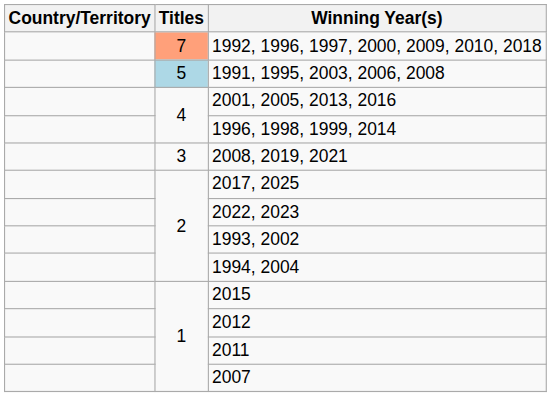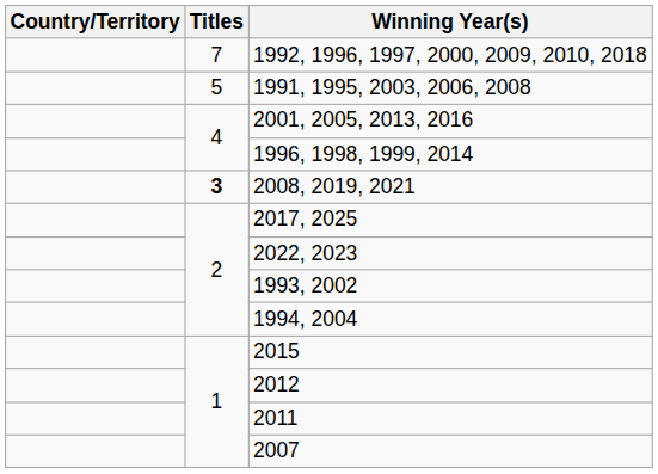 <table class="wikitable">
 <tr>
 <th>Country/Territory</th>
 <th>Titles</th>
 <th>Winning Year(s)</th>
 </tr>
 <tr>
 <td></td>
-<td style="background: lightsalmon; text-align:center;">7</td>
+<td style="text-align:center;">7</td>
 <td>1992, 1996, 1997, 2000, 2009, 2010, 2018</td>
 </tr>
 <tr>
 <td></td>
-<td style="background: lightblue; text-align:center;">5</td>
+<td style="text-align:center;">5</td>
 <td>1991, 1995, 2003, 2006, 2008</td>
 </tr>
 <tr>
 <td></td>
 <td rowspan="2" style="text-align:center;">4</td>
 <td>2001, 2005, 2013, 2016</td>
 </tr>
 <tr>
 <td></td>
 <td>1996, 1998, 1999, 2014</td>
 </tr>
 <tr>
 <td></td>
-<td style="text-align:center;">3</td>
+<td style="text-align:center;"><strong>3</strong></td>
 <td>2008, 2019, 2021</td>
 </tr>
 <tr>
 <td></td>
 <td rowspan="4" style="text-align:center;">2</td>
 <td>2017, 2025</td>
 </tr>
 <tr>
 <td></td>
 <td>2022, 2023</td>
 </tr>
 <tr>
 <td></td>
 <td>1993, 2002</td>
 </tr>
 <tr>
 <td></td>
 <td>1994, 2004</td>
 </tr>
 <tr>
 <td></td>
 <td rowspan="4" style="text-align:center;">1</td>
 <td>2015</td>
 </tr>
 <tr>
 <td></td>
 <td>2012</td>
 </tr>
 <tr>
 <td></td>
 <td>2011</td>
 </tr>
 <tr>
 <td></td>
 <td>2007</td>
 </tr>
 <tr>
 </tr>
 </table>
